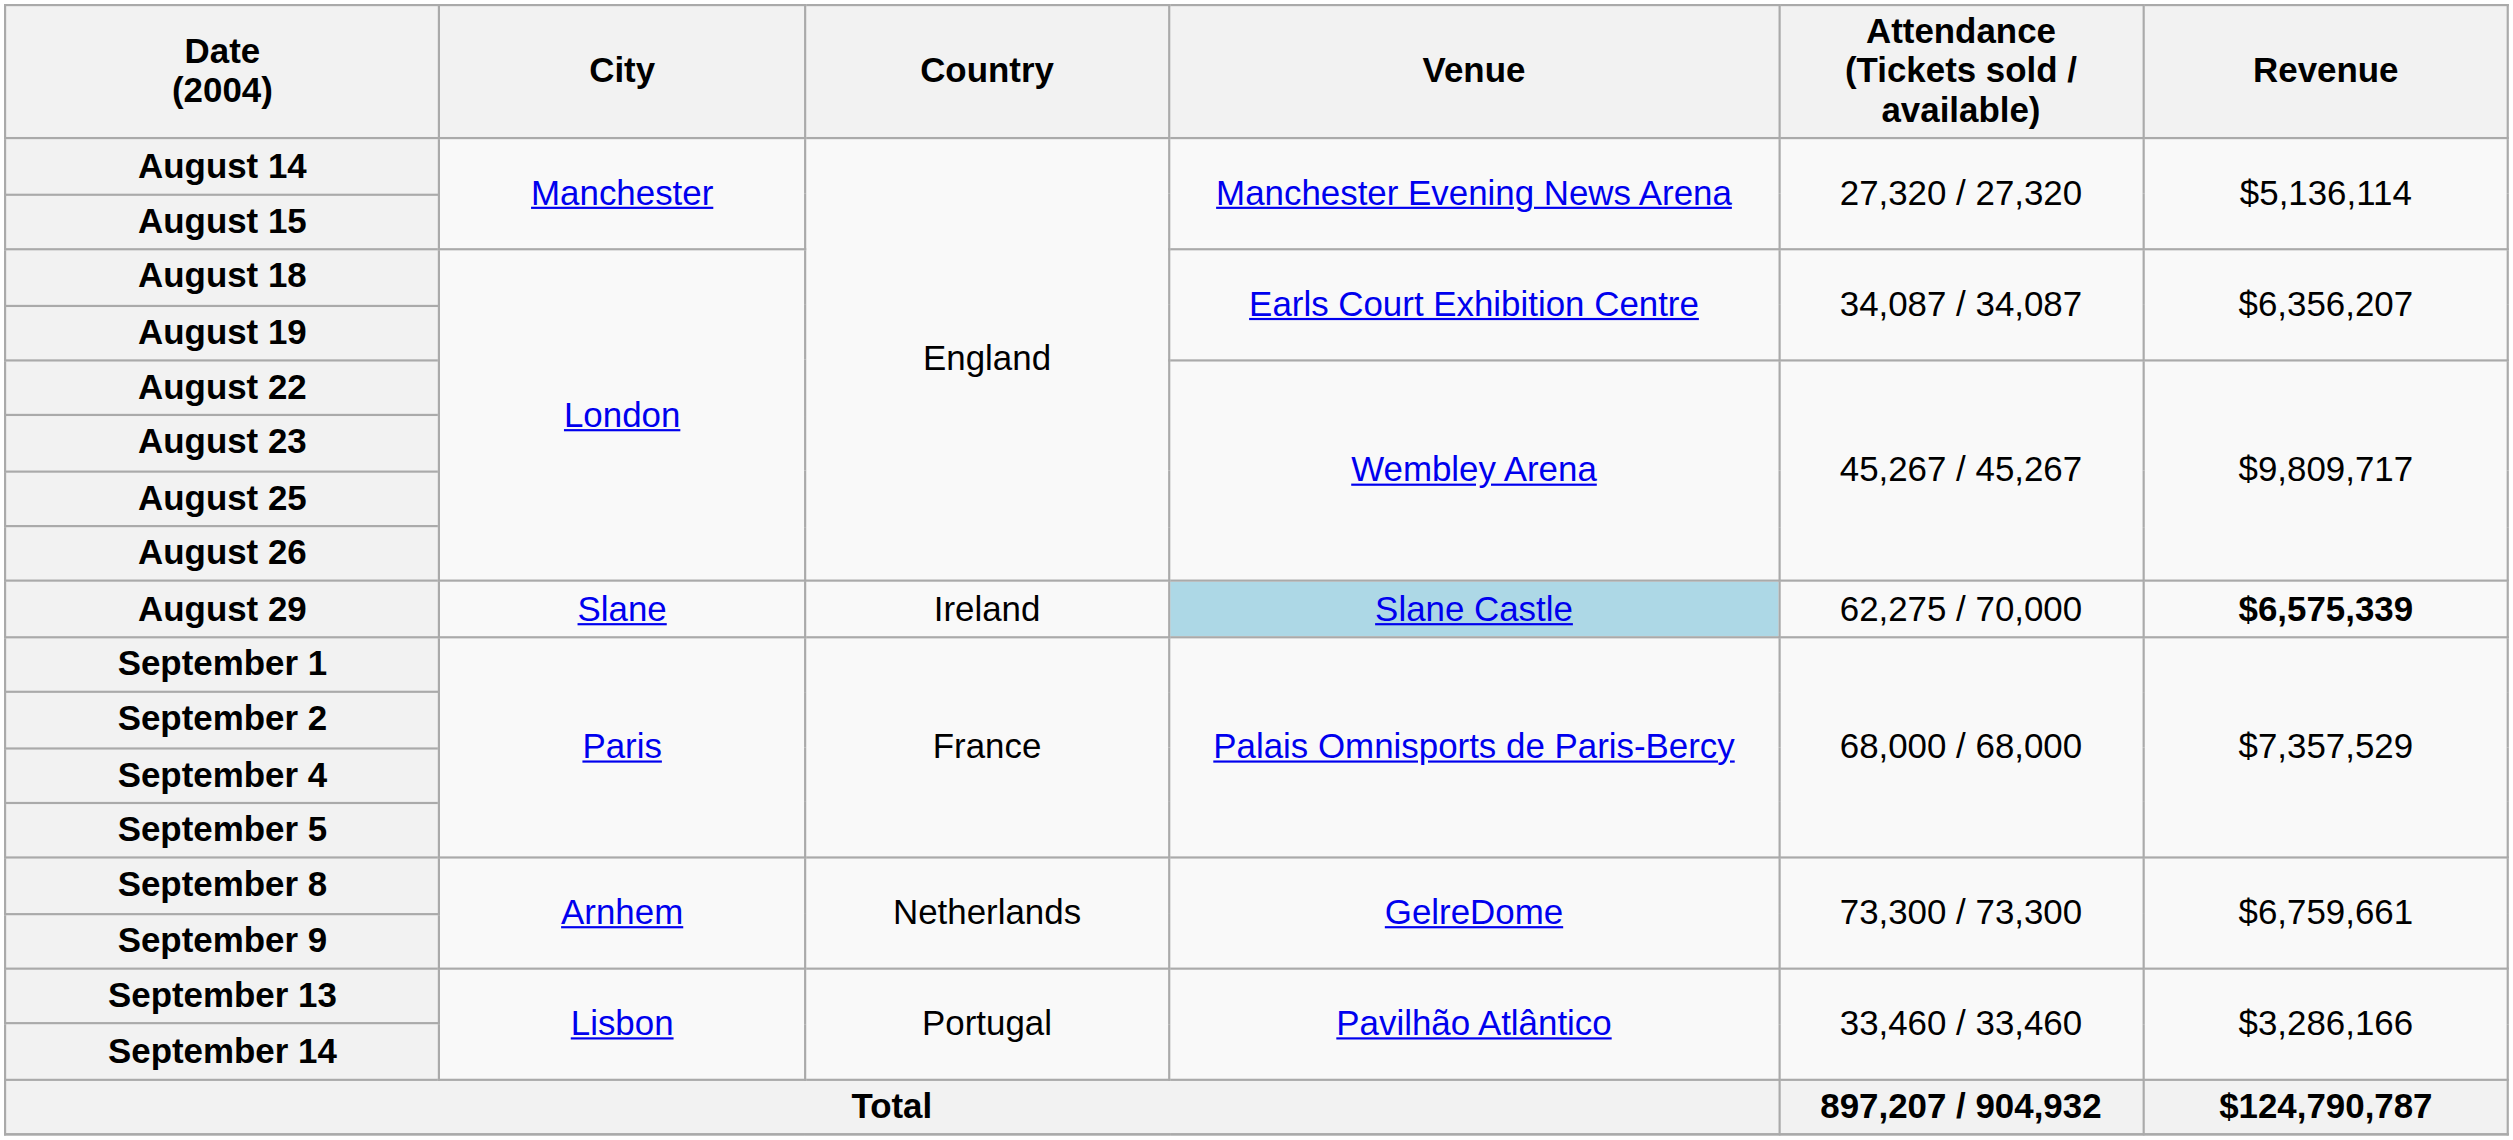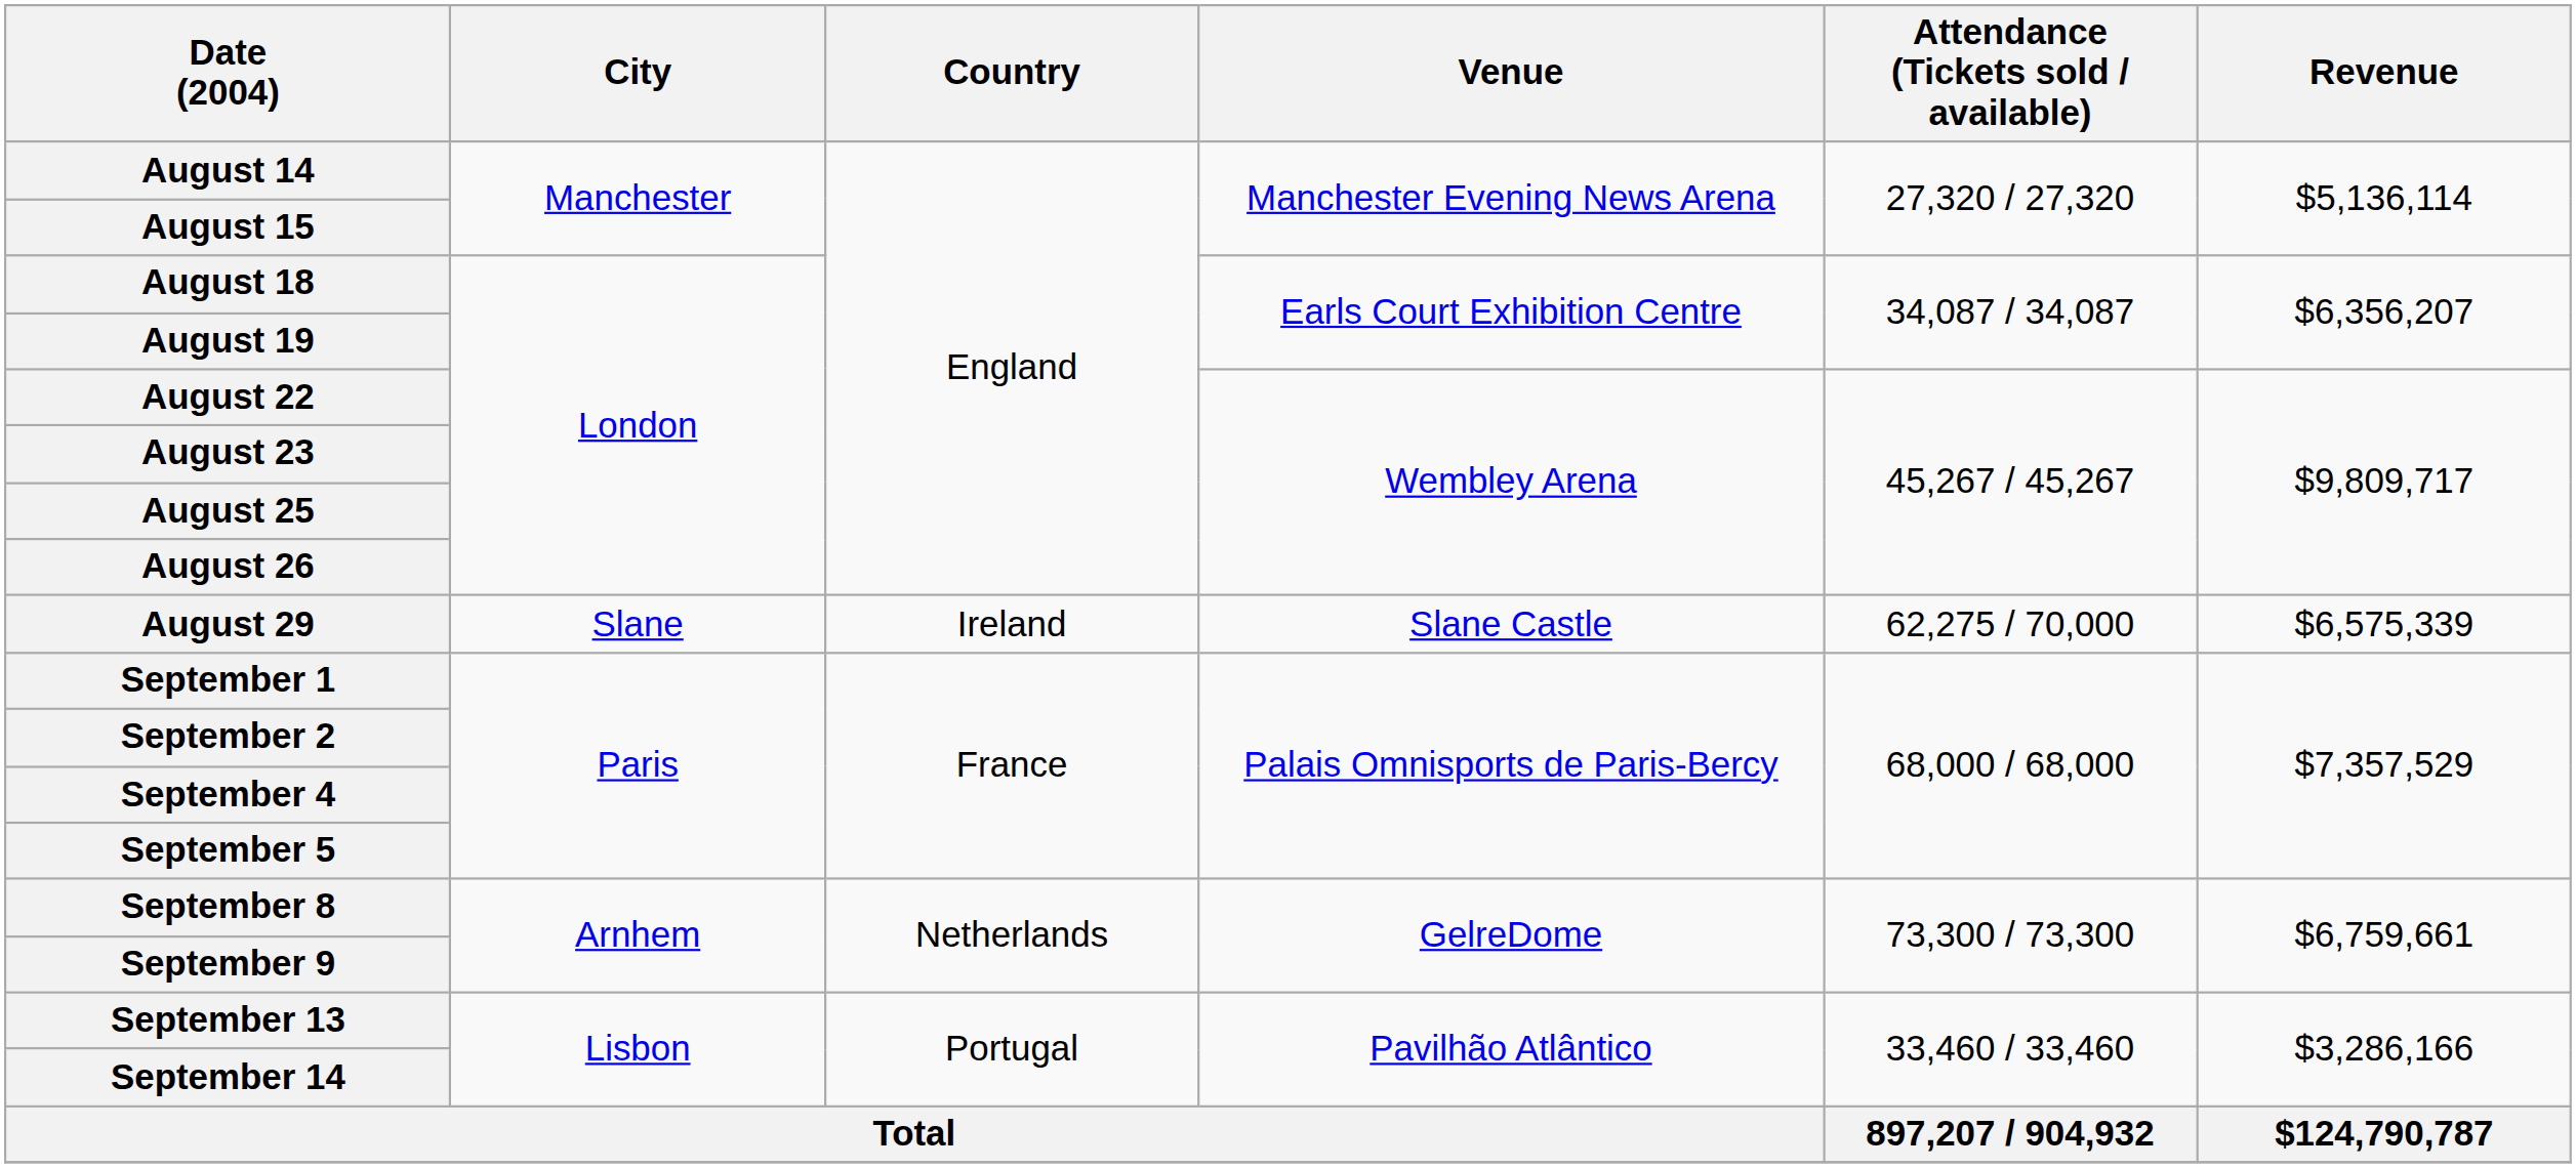 <table class="wikitable plainrowheaders" style="text-align:center;">
 <tr>
 <th scope="col" style="width:12em;">Date<br>(2004)</th>
 <th scope="col" style="width:10em;">City</th>
 <th scope="col" style="width:10em;">Country</th>
 <th scope="col" style="width:17em;">Venue</th>
 <th scope="col" style="width:10em;">Attendance<br>(Tickets sold / available)</th>
 <th scope="col" style="width:10em;">Revenue</th>
 </tr>
 <tr>
 <th scope="row" style="text-align:center;">August 14</th>
 <td rowspan="2"><a href='#'>Manchester</a></td>
 <td rowspan="8">England</td>
 <td rowspan="2"><a href='#'>Manchester Evening News Arena</a></td>
 <td rowspan="2">27,320 / 27,320</td>
 <td rowspan="2">$5,136,114</td>
 </tr>
 <tr>
 <th scope="row" style="text-align:center;">August 15</th>
 </tr>
 <tr>
 <th scope="row" style="text-align:center;">August 18</th>
 <td rowspan="6"><a href='#'>London</a></td>
 <td rowspan="2"><a href='#'>Earls Court Exhibition Centre</a></td>
 <td rowspan="2">34,087 / 34,087</td>
 <td rowspan="2">$6,356,207</td>
 </tr>
 <tr>
 <th scope="row" style="text-align:center;">August 19</th>
 </tr>
 <tr>
 <th scope="row" style="text-align:center;">August 22</th>
 <td rowspan="4"><a href='#'>Wembley Arena</a></td>
 <td rowspan="4">45,267 / 45,267</td>
 <td rowspan="4">$9,809,717</td>
 </tr>
 <tr>
 <th scope="row" style="text-align:center;">August 23</th>
 </tr>
 <tr>
 <th scope="row" style="text-align:center;">August 25</th>
 </tr>
 <tr>
 <th scope="row" style="text-align:center;">August 26</th>
 </tr>
 <tr>
 <th scope="row" style="text-align:center;">August 29</th>
 <td><a href='#'>Slane</a></td>
 <td>Ireland</td>
-<td style="background: lightblue;"><a href='#'>Slane Castle</a></td>
+<td><a href='#'>Slane Castle</a></td>
 <td rowspan="1">62,275 / 70,000</td>
-<td rowspan="1"><strong>$6,575,339</strong></td>
+<td rowspan="1">$6,575,339</td>
 </tr>
 <tr>
 <th scope="row" style="text-align:center;">September 1</th>
 <td rowspan="4"><a href='#'>Paris</a></td>
 <td rowspan="4">France</td>
 <td rowspan="4"><a href='#'>Palais Omnisports de Paris-Bercy</a></td>
 <td rowspan="4">68,000 / 68,000</td>
 <td rowspan="4">$7,357,529</td>
 </tr>
 <tr>
 <th scope="row" style="text-align:center;">September 2</th>
 </tr>
 <tr>
 <th scope="row" style="text-align:center;">September 4</th>
 </tr>
 <tr>
 <th scope="row" style="text-align:center;">September 5</th>
 </tr>
 <tr>
 <th scope="row" style="text-align:center;">September 8</th>
 <td rowspan="2"><a href='#'>Arnhem</a></td>
 <td rowspan="2">Netherlands</td>
 <td rowspan="2"><a href='#'>GelreDome</a></td>
 <td rowspan="2">73,300 / 73,300</td>
 <td rowspan="2">$6,759,661</td>
 </tr>
 <tr>
 <th scope="row" style="text-align:center;">September 9</th>
 </tr>
 <tr>
 <th scope="row" style="text-align:center;">September 13</th>
 <td rowspan="2"><a href='#'>Lisbon</a></td>
 <td rowspan="2">Portugal</td>
 <td rowspan="2"><a href='#'>Pavilhão Atlântico</a></td>
 <td rowspan="2">33,460 / 33,460</td>
 <td rowspan="2">$3,286,166</td>
 </tr>
 <tr>
 <th scope="row" style="text-align:center;">September 14</th>
 </tr>
 <tr>
 <th colspan="4">Total</th>
 <th>897,207 / 904,932</th>
 <th>$124,790,787</th>
 </tr>
 <tr>
 </tr>
 </table>
